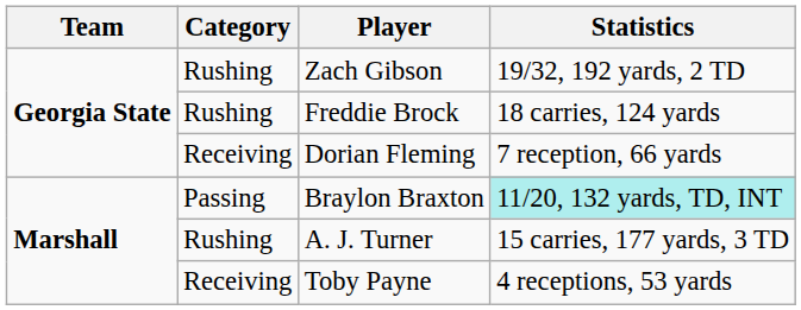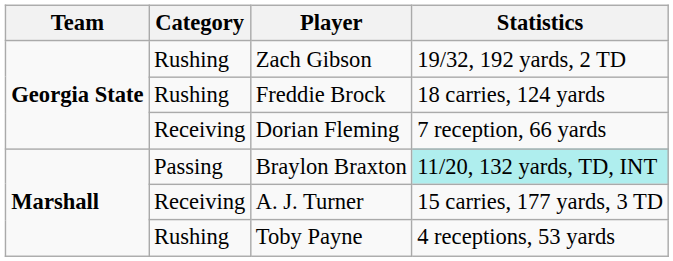 <table class="wikitable" style="float: right;">
 <tr>
 <th>Team</th>
 <th>Category</th>
 <th>Player</th>
 <th>Statistics</th>
 </tr>
 <tr>
 <td rowspan=3><strong>Georgia State</strong></td>
 <td>Rushing</td>
 <td>Zach Gibson</td>
 <td>19/32, 192 yards, 2 TD</td>
 </tr>
 <tr>
 <td>Rushing</td>
 <td>Freddie Brock</td>
 <td>18 carries, 124 yards</td>
 </tr>
 <tr>
 <td>Receiving</td>
 <td>Dorian Fleming</td>
 <td>7 reception, 66 yards</td>
 </tr>
 <tr>
 <td rowspan=3><strong>Marshall</strong></td>
 <td>Passing</td>
 <td>Braylon Braxton</td>
 <td style="background: paleturquoise;">11/20, 132 yards, TD, INT</td>
 </tr>
 <tr>
-<td>Rushing</td>
+<td>Receiving</td>
 <td>A. J. Turner</td>
 <td>15 carries, 177 yards, 3 TD</td>
 </tr>
 <tr>
-<td>Receiving</td>
+<td>Rushing</td>
 <td>Toby Payne</td>
 <td>4 receptions, 53 yards</td>
 </tr>
 </table>
